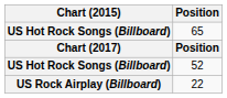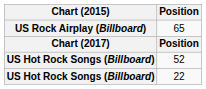 <table class="wikitable plainrowheaders" style="text-align:center">
 <tr>
 <th>Chart (2015)</th>
 <th>Position</th>
 </tr>
 <tr>
-<th scope="row">US Hot Rock Songs (<em>Billboard</em>)</th>
+<th scope="row">US Rock Airplay (<em>Billboard</em>)</th>
 <td>65</td>
 </tr>
 <tr>
 <th>Chart (2017)</th>
 <th>Position</th>
 </tr>
 <tr>
 <th scope="row">US Hot Rock Songs (<em>Billboard</em>)</th>
 <td>52</td>
 </tr>
 <tr>
-<th scope="row">US Rock Airplay (<em>Billboard</em>)</th>
+<th scope="row">US Hot Rock Songs (<em>Billboard</em>)</th>
 <td>22</td>
 </tr>
 </table>
